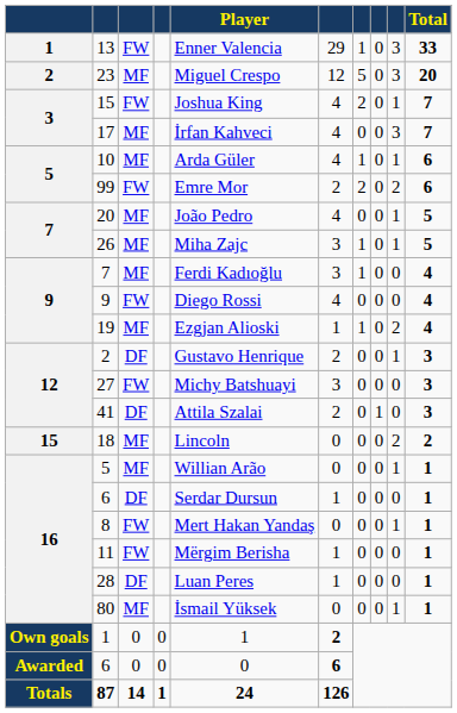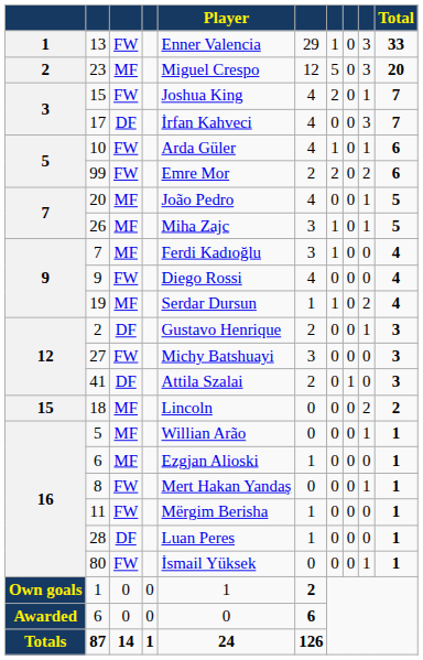 <table class="wikitable" style="text-align:center">
 <tr>
 <th style="background:#163962; color:#FFF000; "></th>
 <th style="background:#163962; color:#FFF000; "></th>
 <th style="background:#163962; color:#FFF000; "></th>
 <th style="background:#163962; color:#FFF000; "></th>
 <th style="background:#163962; color:#FFF000; ">Player</th>
 <th style="background:#163962; color:#FFF000; "></th>
 <th style="background:#163962; color:#FFF000; "></th>
 <th style="background:#163962; color:#FFF000; "></th>
 <th style="background:#163962; color:#FFF000; "></th>
 <th style="background:#163962; color:#FFF000; ">Total</th>
 </tr>
 <tr>
 <th>1</th>
 <td>13</td>
 <td><a href='#'>FW</a></td>
 <td></td>
 <td align=left><a href='#'>Enner Valencia</a></td>
 <td>29</td>
 <td>1</td>
 <td>0</td>
 <td>3</td>
 <td><strong>33</strong></td>
 </tr>
 <tr>
 <th rowspan="1">2</th>
 <td>23</td>
 <td><a href='#'>MF</a></td>
 <td></td>
 <td align=left><a href='#'>Miguel Crespo</a></td>
 <td>12</td>
 <td>5</td>
 <td>0</td>
 <td>3</td>
 <td><strong>20</strong></td>
 </tr>
 <tr>
 <th rowspan="2">3</th>
 <td>15</td>
 <td><a href='#'>FW</a></td>
 <td></td>
 <td align=left><a href='#'>Joshua King</a></td>
 <td>4</td>
 <td>2</td>
 <td>0</td>
 <td>1</td>
 <td><strong>7</strong></td>
 </tr>
 <tr>
 <td>17</td>
-<td><a href='#'>MF</a></td>
+<td><a href='#'>DF</a></td>
 <td></td>
 <td align=left><a href='#'>İrfan Kahveci</a></td>
 <td>4</td>
 <td>0</td>
 <td>0</td>
 <td>3</td>
 <td><strong>7</strong></td>
 </tr>
 <tr>
 <th rowspan="2">5</th>
 <td>10</td>
-<td><a href='#'>MF</a></td>
+<td><a href='#'>FW</a></td>
 <td></td>
 <td align=left><a href='#'>Arda Güler</a></td>
 <td>4</td>
 <td>1</td>
 <td>0</td>
 <td>1</td>
 <td><strong>6</strong></td>
 </tr>
 <tr>
 <td>99</td>
 <td><a href='#'>FW</a></td>
 <td></td>
 <td align=left><a href='#'>Emre Mor</a></td>
 <td>2</td>
 <td>2</td>
 <td>0</td>
 <td>2</td>
 <td><strong>6</strong></td>
 </tr>
 <tr>
 <th rowspan="2">7</th>
 <td>20</td>
 <td><a href='#'>MF</a></td>
 <td></td>
 <td align=left><a href='#'>João Pedro</a></td>
 <td>4</td>
 <td>0</td>
 <td>0</td>
 <td>1</td>
 <td><strong>5</strong></td>
 </tr>
 <tr>
 <td>26</td>
 <td><a href='#'>MF</a></td>
 <td></td>
 <td align=left><a href='#'>Miha Zajc</a></td>
 <td>3</td>
 <td>1</td>
 <td>0</td>
 <td>1</td>
 <td><strong>5</strong></td>
 </tr>
 <tr>
 <th rowspan="3">9</th>
 <td>7</td>
 <td><a href='#'>MF</a></td>
 <td></td>
 <td align=left><a href='#'>Ferdi Kadıoğlu</a></td>
 <td>3</td>
 <td>1</td>
 <td>0</td>
 <td>0</td>
 <td><strong>4</strong></td>
 </tr>
 <tr>
 <td>9</td>
 <td><a href='#'>FW</a></td>
 <td></td>
 <td align=left><a href='#'>Diego Rossi</a></td>
 <td>4</td>
 <td>0</td>
 <td>0</td>
 <td>0</td>
 <td><strong>4</strong></td>
 </tr>
 <tr>
 <td>19</td>
 <td><a href='#'>MF</a></td>
 <td></td>
-<td align=left><a href='#'>Ezgjan Alioski</a></td>
+<td align=left><a href='#'>Serdar Dursun</a></td>
 <td>1</td>
 <td>1</td>
 <td>0</td>
 <td>2</td>
 <td><strong>4</strong></td>
 </tr>
 <tr>
 <th rowspan="3">12</th>
 <td>2</td>
 <td><a href='#'>DF</a></td>
 <td></td>
 <td align=left><a href='#'>Gustavo Henrique</a></td>
 <td>2</td>
 <td>0</td>
 <td>0</td>
 <td>1</td>
 <td><strong>3</strong></td>
 </tr>
 <tr>
 <td>27</td>
 <td><a href='#'>FW</a></td>
 <td></td>
 <td align=left><a href='#'>Michy Batshuayi</a></td>
 <td>3</td>
 <td>0</td>
 <td>0</td>
 <td>0</td>
 <td><strong>3</strong></td>
 </tr>
 <tr>
 <td>41</td>
 <td><a href='#'>DF</a></td>
 <td></td>
 <td align=left><a href='#'>Attila Szalai</a></td>
 <td>2</td>
 <td>0</td>
 <td>1</td>
 <td>0</td>
 <td><strong>3</strong></td>
 </tr>
 <tr>
 <th rowspan="1">15</th>
 <td>18</td>
 <td><a href='#'>MF</a></td>
 <td></td>
 <td align=left><a href='#'> Lincoln</a></td>
 <td>0</td>
 <td>0</td>
 <td>0</td>
 <td>2</td>
 <td><strong>2</strong></td>
 </tr>
 <tr>
 <th rowspan="6">16</th>
 <td>5</td>
 <td><a href='#'>MF</a></td>
 <td></td>
 <td align=left><a href='#'>Willian Arão</a></td>
 <td>0</td>
 <td>0</td>
 <td>0</td>
 <td>1</td>
 <td><strong>1</strong></td>
 </tr>
 <tr>
 <td>6</td>
-<td><a href='#'>DF</a></td>
+<td><a href='#'>MF</a></td>
 <td></td>
-<td align=left><a href='#'>Serdar Dursun</a></td>
+<td align=left><a href='#'>Ezgjan Alioski</a></td>
 <td>1</td>
 <td>0</td>
 <td>0</td>
 <td>0</td>
 <td><strong>1</strong></td>
 </tr>
 <tr>
 <td>8</td>
 <td><a href='#'>FW</a></td>
 <td></td>
 <td align=left><a href='#'>Mert Hakan Yandaş</a></td>
 <td>0</td>
 <td>0</td>
 <td>0</td>
 <td>1</td>
 <td><strong>1</strong></td>
 </tr>
 <tr>
 <td>11</td>
 <td><a href='#'>FW</a></td>
 <td></td>
 <td align=left><a href='#'>Mërgim Berisha</a></td>
 <td>1</td>
 <td>0</td>
 <td>0</td>
 <td>0</td>
 <td><strong>1</strong></td>
 </tr>
 <tr>
 <td>28</td>
 <td><a href='#'>DF</a></td>
 <td></td>
 <td align=left><a href='#'>Luan Peres</a></td>
 <td>1</td>
 <td>0</td>
 <td>0</td>
 <td>0</td>
 <td><strong>1</strong></td>
 </tr>
 <tr>
 <td>80</td>
-<td><a href='#'>MF</a></td>
+<td><a href='#'>FW</a></td>
 <td></td>
 <td align=left><a href='#'>İsmail Yüksek</a></td>
 <td>0</td>
 <td>0</td>
 <td>0</td>
 <td>1</td>
 <td><strong>1</strong></td>
 </tr>
 <tr>
 <td style="background:#163962; color:#FFF000; "><strong>Own goals</strong></td>
 <td>1</td>
 <td>0</td>
 <td>0</td>
 <td>1</td>
 <td><strong>2</strong></td>
 </tr>
 <tr>
 <td style="background:#163962; color:#FFF000; "><strong>Awarded</strong></td>
 <td>6</td>
 <td>0</td>
 <td>0</td>
 <td>0</td>
 <td><strong>6</strong></td>
 </tr>
 <tr>
 <td style="background:#163962; color:#FFF000; "><strong>Totals</strong></td>
 <td><strong>87</strong></td>
 <td><strong>14</strong></td>
 <td><strong>1</strong></td>
 <td><strong>24</strong></td>
 <td><strong>126</strong></td>
 </tr>
 </table>
